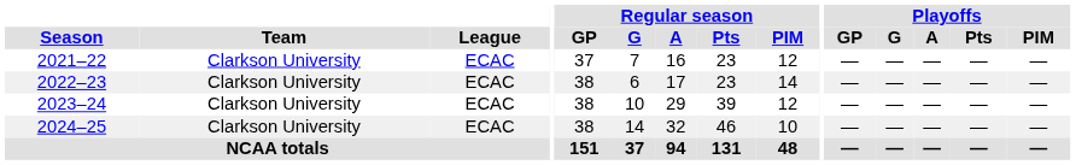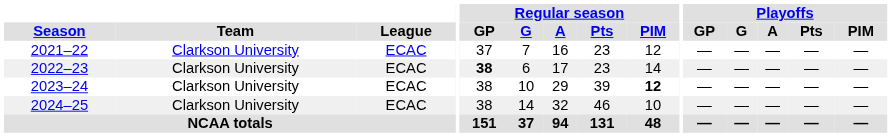 <table border="0" cellpadding="1" cellspacing="0" style="text-align:center; width:60em">
 <tr bgcolor="#e0e0e0">
 <th colspan="3" bgcolor="#ffffff"></th>
 <th rowspan="97" bgcolor="#ffffff"></th>
 <th colspan="5"><a href='#'>Regular season</a></th>
 <th rowspan="97" bgcolor="#ffffff"></th>
 <th colspan="5"><a href='#'>Playoffs</a></th>
 </tr>
 <tr bgcolor="#e0e0e0">
 <th><a href='#'>Season</a></th>
 <th>Team</th>
 <th>League</th>
 <th>GP</th>
 <th><a href='#'>G</a></th>
 <th><a href='#'>A</a></th>
 <th><a href='#'>Pts</a></th>
 <th><a href='#'>PIM</a></th>
 <th>GP</th>
 <th>G</th>
 <th>A</th>
 <th>Pts</th>
 <th>PIM</th>
 </tr>
 <tr>
 <td><a href='#'>2021–22</a></td>
 <td><a href='#'>Clarkson University</a></td>
 <td><a href='#'>ECAC</a></td>
 <td>37</td>
 <td>7</td>
 <td>16</td>
 <td>23</td>
 <td>12</td>
 <td>—</td>
 <td>—</td>
 <td>—</td>
 <td>—</td>
 <td>—</td>
 </tr>
 <tr bgcolor="#f0f0f0">
 <td><a href='#'>2022–23</a></td>
 <td>Clarkson University</td>
 <td>ECAC</td>
-<td>38</td>
+<td><strong>38</strong></td>
 <td>6</td>
 <td>17</td>
 <td>23</td>
 <td>14</td>
 <td>—</td>
 <td>—</td>
 <td>—</td>
 <td>—</td>
 <td>—</td>
 </tr>
 <tr>
 <td><a href='#'>2023–24</a></td>
 <td>Clarkson University</td>
 <td>ECAC</td>
 <td>38</td>
 <td>10</td>
 <td>29</td>
 <td>39</td>
-<td>12</td>
+<td><strong>12</strong></td>
 <td>—</td>
 <td>—</td>
 <td>—</td>
 <td>—</td>
 <td>—</td>
 </tr>
 <tr bgcolor="#f0f0f0">
 <td><a href='#'>2024–25</a></td>
 <td>Clarkson University</td>
 <td>ECAC</td>
 <td>38</td>
 <td>14</td>
 <td>32</td>
 <td>46</td>
 <td>10</td>
 <td>—</td>
 <td>—</td>
 <td>—</td>
 <td>—</td>
 <td>—</td>
 </tr>
 <tr bgcolor="#e0e0e0">
 <th colspan="3">NCAA totals</th>
 <th>151</th>
 <th>37</th>
 <th>94</th>
 <th>131</th>
 <th>48</th>
 <th>—</th>
 <th>—</th>
 <th>—</th>
 <th>—</th>
 <th>—</th>
 </tr>
 </table>
